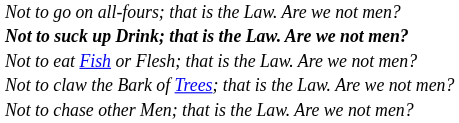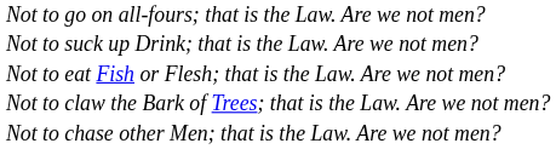 <table align=left style="margin-left:60px">
 <tr>
 <td><em>Not to go on all-fours; that is the Law. Are we not men?</em></td>
 </tr>
 <tr>
-<td><strong><em>Not to suck up Drink; that is the Law. Are we not men?</em></strong></td>
+<td><em>Not to suck up Drink; that is the Law. Are we not men?</em></td>
 </tr>
 <tr>
 <td><em>Not to eat <a href='#'>Fish</a> or Flesh; that is the Law. Are we not men?</em></td>
 </tr>
 <tr>
 <td><em>Not to claw the Bark of <a href='#'>Trees</a>; that is the Law. Are we not men?</em></td>
 </tr>
 <tr>
 <td><em>Not to chase other Men; that is the Law. Are we not men?</em></td>
 </tr>
 </table>
